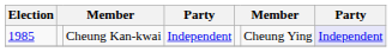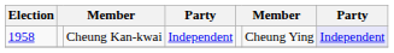 <table class="wikitable">
 <tr>
 <th>Election</th>
 <th colspan="2">Member</th>
 <th>Party</th>
 <th colspan="2">Member</th>
 <th>Party</th>
 </tr>
 <tr>
-<td><a href='#'>1985</a></td>
+<td><a href='#'>1958</a></td>
 <td style="background-color: "></td>
 <td>Cheung Kan-kwai</td>
 <td><a href='#'>Independent</a></td>
 <td style="background-color: "></td>
 <td>Cheung Ying</td>
 <td style="background: lavender;"><a href='#'>Independent</a></td>
 </tr>
 <tr>
 </tr>
 </table>
